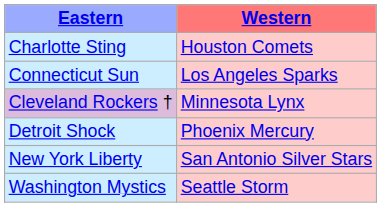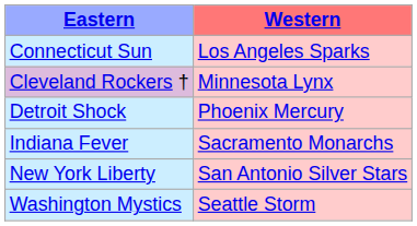 <table class="wikitable">
 <tr>
 <th style="background-color: #9AF;"><a href='#'>Eastern</a></th>
 <th style="background-color: #F77;"><a href='#'>Western</a></th>
-</tr>
-<tr>
-<td style="background-color: #CEF;"><a href='#'>Charlotte Sting</a></td>
-<td style="background-color: #FCC;"><a href='#'>Houston Comets</a></td>
 </tr>
 <tr>
 <td style="background-color: #CEF;"><a href='#'>Connecticut Sun</a></td>
 <td style="background-color: #FCC;"><a href='#'>Los Angeles Sparks</a></td>
 </tr>
 <tr>
 <td style="background-color: #DBD;"><a href='#'>Cleveland Rockers</a> †</td>
 <td style="background-color: #FCC;"><a href='#'>Minnesota Lynx</a></td>
 </tr>
 <tr>
 <td style="background-color: #CEF;"><a href='#'>Detroit Shock</a></td>
 <td style="background-color: #FCC;"><a href='#'>Phoenix Mercury</a></td>
 </tr>
 <tr>
+<td style="background-color: #CEF;"><a href='#'>Indiana Fever</a></td>
+<td style="background-color: #FCC;"><a href='#'>Sacramento Monarchs</a></td>
+</tr>
+<tr>
 <td style="background-color: #CEF;"><a href='#'>New York Liberty</a></td>
 <td style="background-color: #FCC;"><a href='#'>San Antonio Silver Stars</a></td>
 </tr>
 <tr>
 <td style="background-color: #CEF;"><a href='#'>Washington Mystics</a></td>
 <td style="background-color: #FCC;"><a href='#'>Seattle Storm</a></td>
 </tr>
 </table>
